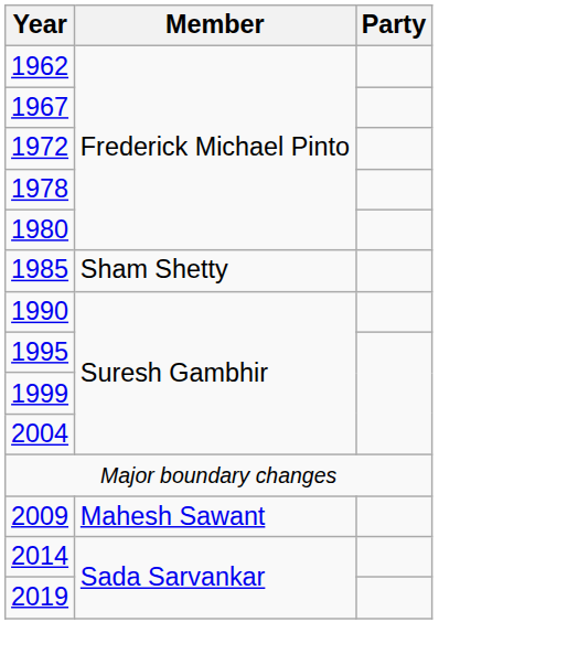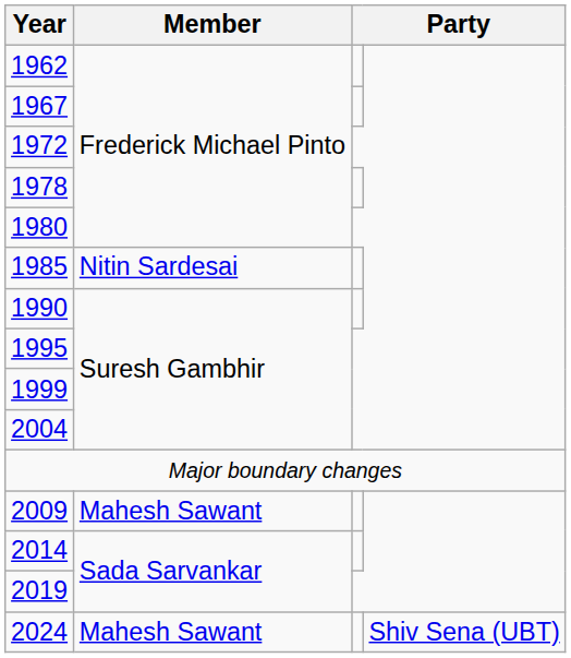 <table class="wikitable">
 <tr>
 <th>Year</th>
 <th>Member</th>
 <th colspan="2">Party</th>
 </tr>
 <tr>
 <td><a href='#'>1962</a></td>
 <td rowspan="5">Frederick Michael Pinto</td>
 <td></td>
 </tr>
 <tr>
 <td><a href='#'>1967</a></td>
 <td></td>
 </tr>
 <tr>
 <td><a href='#'>1972</a></td>
 </tr>
 <tr>
 <td><a href='#'>1978</a></td>
 <td></td>
 </tr>
 <tr>
 <td><a href='#'>1980</a></td>
 </tr>
 <tr>
 <td><a href='#'>1985</a></td>
-<td>Sham Shetty</td>
+<td><a href='#'>Nitin Sardesai</a></td>
 <td></td>
 </tr>
 <tr>
 <td><a href='#'>1990</a></td>
 <td rowspan="4">Suresh Gambhir</td>
 <td></td>
 </tr>
 <tr>
 <td><a href='#'>1995</a></td>
 </tr>
 <tr>
 <td><a href='#'>1999</a></td>
 </tr>
 <tr>
 <td><a href='#'>2004</a></td>
 </tr>
 <tr>
 <td colspan=4 align=center><small><em>Major boundary changes</em></small></td>
 </tr>
 <tr>
 <td><a href='#'>2009</a></td>
 <td><a href='#'>Mahesh Sawant</a></td>
 <td></td>
 </tr>
 <tr>
 <td><a href='#'>2014</a></td>
 <td rowspan="2"><a href='#'>Sada Sarvankar</a></td>
 <td></td>
 </tr>
 <tr>
 <td><a href='#'>2019</a></td>
 </tr>
+<tr>
+<td><a href='#'>2024</a></td>
+<td><a href='#'>Mahesh Sawant</a></td>
+<td style="background-color: "></td>
+<td><a href='#'>Shiv Sena (UBT)</a></td>
+</tr>
 </table>
